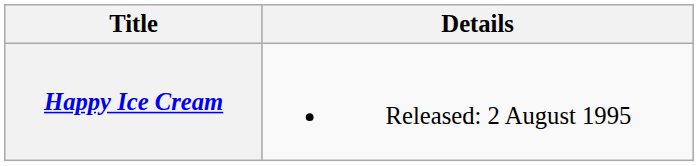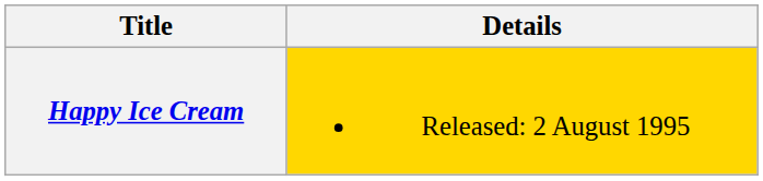 <table class="wikitable plainrowheaders" style="text-align:center;" border="1">
 <tr>
 <th scope="col" rowspan="1" style="width:10em;">Title</th>
 <th scope="col" rowspan="1" style="width:17em;">Details</th>
 </tr>
 <tr>
 <th scope="row"><em><a href='#'>Happy Ice Cream</a></em></th>
-<td><br><ul><li>Released: 2 August 1995</li></ul></td>
+<td style="background: gold;"><br><ul><li>Released: 2 August 1995</li></ul></td>
 </tr>
 </table>
